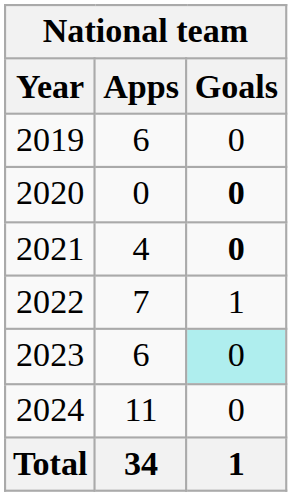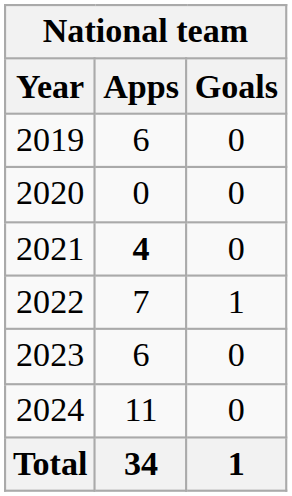 <table class="wikitable" style="text-align:center">
 <tr>
 <th colspan=3>National team</th>
 </tr>
 <tr>
 <th>Year</th>
 <th>Apps</th>
 <th>Goals</th>
 </tr>
 <tr>
 <td>2019</td>
 <td>6</td>
 <td>0</td>
 </tr>
 <tr>
 <td>2020</td>
 <td>0</td>
-<td><strong>0</strong></td>
+<td>0</td>
 </tr>
 <tr>
 <td>2021</td>
-<td>4</td>
-<td><strong>0</strong></td>
+<td><strong>4</strong></td>
+<td>0</td>
 </tr>
 <tr>
 <td>2022</td>
 <td>7</td>
 <td>1</td>
 </tr>
 <tr>
 <td>2023</td>
 <td>6</td>
-<td style="background: paleturquoise;">0</td>
+<td>0</td>
 </tr>
 <tr>
 <td>2024</td>
 <td>11</td>
 <td>0</td>
 </tr>
 <tr>
 <th>Total</th>
 <th>34</th>
 <th>1</th>
 </tr>
 </table>
